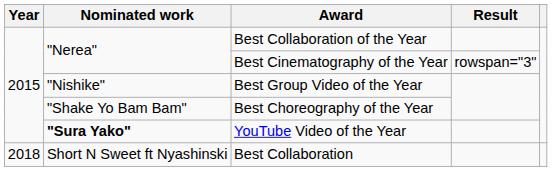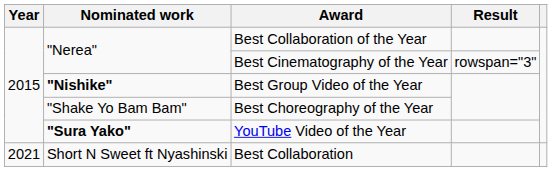 <table class ="wikitable">
 <tr>
 <th>Year</th>
 <th>Nominated work</th>
 <th>Award</th>
 <th>Result</th>
 <th></th>
 </tr>
 <tr>
 <td rowspan="5">2015</td>
 <td rowspan="2">"Nerea" </td>
 <td>Best Collaboration of the Year</td>
 <td></td>
 <td rowspan="5"></td>
 </tr>
 <tr>
 <td>Best Cinematography of the Year</td>
 <td>rowspan="3" </td>
 </tr>
 <tr>
-<td>"Nishike"</td>
+<td><strong>"Nishike"</strong></td>
 <td>Best Group Video of the Year</td>
 </tr>
 <tr>
 <td>"Shake Yo Bam Bam"</td>
 <td>Best Choreography of the Year</td>
 </tr>
 <tr>
 <td><strong>"Sura Yako"</strong></td>
 <td><a href='#'>YouTube</a> Video of the Year</td>
 <td></td>
 </tr>
 <tr>
-<td>2018</td>
+<td>2021</td>
 <td>Short N Sweet ft Nyashinski</td>
 <td>Best Collaboration</td>
 <td></td>
 <td></td>
 </tr>
 </table>
